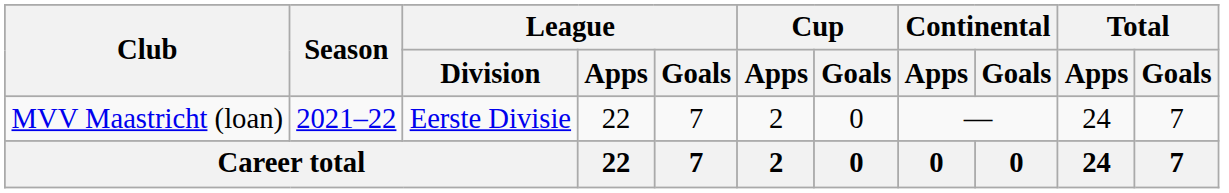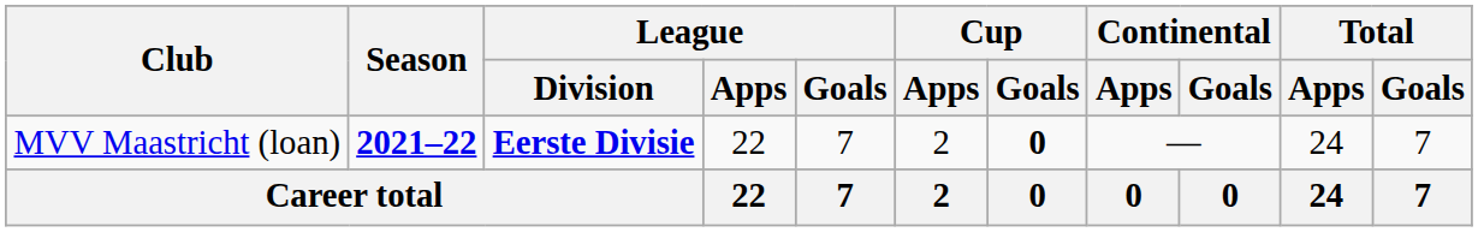 <table class="wikitable" Style="text-align: center">
 <tr>
 <th rowspan="2">Club</th>
 <th rowspan="2">Season</th>
 <th colspan="3">League</th>
 <th colspan="2">Cup</th>
 <th colspan="2">Continental</th>
 <th colspan="2">Total</th>
 </tr>
 <tr>
 <th>Division</th>
 <th>Apps</th>
 <th>Goals</th>
 <th>Apps</th>
 <th>Goals</th>
 <th>Apps</th>
 <th>Goals</th>
 <th>Apps</th>
 <th>Goals</th>
 </tr>
 <tr>
 <td rowspan="1"><a href='#'>MVV Maastricht</a> (loan)</td>
-<td><a href='#'>2021–22</a></td>
-<td rowspan="1"><a href='#'>Eerste Divisie</a></td>
+<td><strong><a href='#'>2021–22</a></strong></td>
+<td rowspan="1"><strong><a href='#'>Eerste Divisie</a></strong></td>
 <td>22</td>
 <td>7</td>
 <td>2</td>
-<td>0</td>
+<td><strong>0</strong></td>
 <td colspan="2">—</td>
 <td>24</td>
 <td>7</td>
 </tr>
 <tr>
 <th colspan="3">Career total</th>
 <th>22</th>
 <th>7</th>
 <th>2</th>
 <th>0</th>
 <th>0</th>
 <th>0</th>
 <th>24</th>
 <th>7</th>
 </tr>
 </table>
